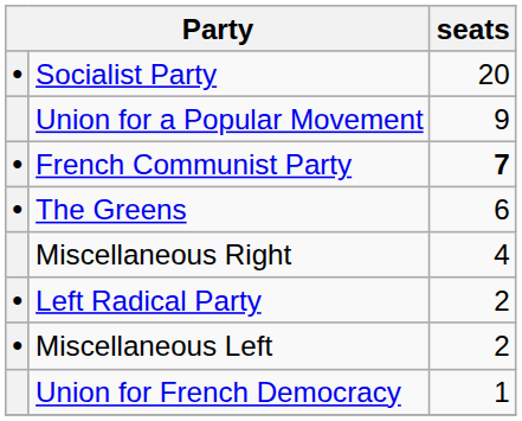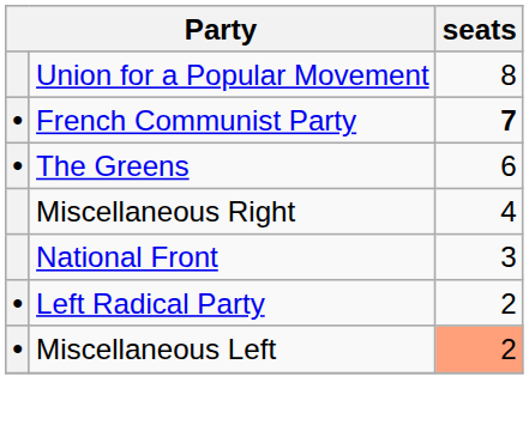 <table class="wikitable" style="font-size: 95%;">
 <tr>
 <th colspan=2>Party</th>
 <th>seats</th>
 </tr>
 <tr>
-<th style="background-color: "><span>•</span></th>
-<td><a href='#'>Socialist Party</a></td>
-<td align="right">20</td>
-</tr>
-<tr>
 <th style="background-color: "></th>
 <td><a href='#'>Union for a Popular Movement</a></td>
-<td align="right">9</td>
+<td align="right">8</td>
 </tr>
 <tr>
 <th style="background-color: "><span>•</span></th>
 <td><a href='#'>French Communist Party</a></td>
 <td align="right"><strong>7</strong></td>
 </tr>
 <tr>
 <th style="background-color: "><span>•</span></th>
 <td><a href='#'>The Greens</a></td>
 <td align="right">6</td>
 </tr>
 <tr>
 <th style="background-color: "></th>
 <td>Miscellaneous Right</td>
 <td align="right">4</td>
 </tr>
 <tr>
+<th style="background-color: "></th>
+<td><a href='#'>National Front</a></td>
+<td align="right">3</td>
+</tr>
+<tr>
 <th style="background-color: "><span>•</span></th>
 <td><a href='#'>Left Radical Party</a></td>
 <td align="right">2</td>
 </tr>
 <tr>
 <th style="background-color: "><span>•</span></th>
 <td>Miscellaneous Left</td>
-<td align="right">2</td>
-</tr>
-<tr>
-<th style="background-color: "></th>
-<td><a href='#'>Union for French Democracy</a></td>
-<td align="right">1</td>
+<td align="right" style="background: lightsalmon;">2</td>
 </tr>
 <tr>
 </tr>
 </table>
